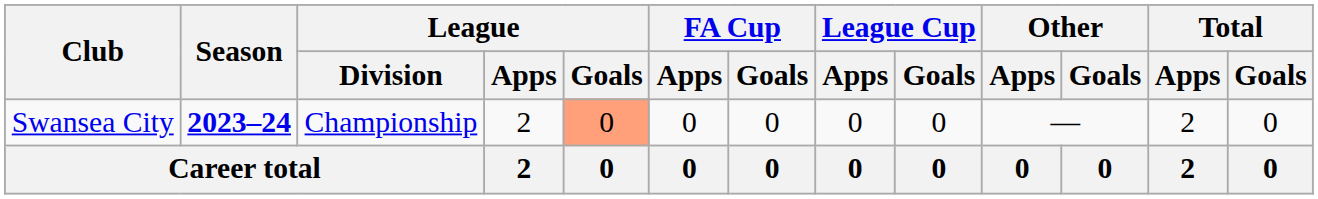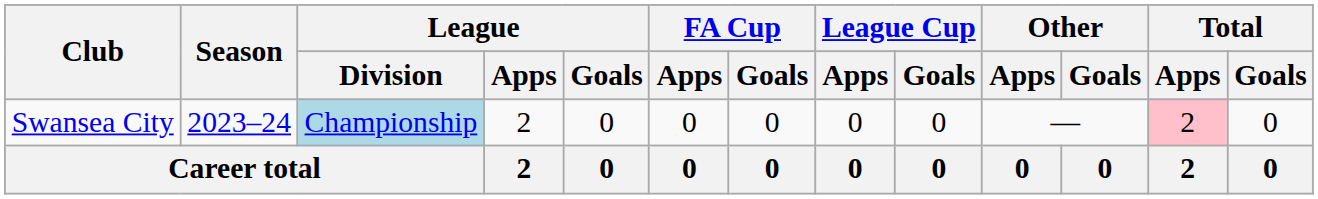 <table class="wikitable" style="text-align: center">
 <tr>
 <th rowspan="2">Club</th>
 <th rowspan="2">Season</th>
 <th colspan="3">League</th>
 <th colspan="2"><a href='#'>FA Cup</a></th>
 <th colspan="2"><a href='#'>League Cup</a></th>
 <th colspan="2">Other</th>
 <th colspan="2">Total</th>
 </tr>
 <tr>
 <th>Division</th>
 <th>Apps</th>
 <th>Goals</th>
 <th>Apps</th>
 <th>Goals</th>
 <th>Apps</th>
 <th>Goals</th>
 <th>Apps</th>
 <th>Goals</th>
 <th>Apps</th>
 <th>Goals</th>
 </tr>
 <tr>
 <td><a href='#'>Swansea City</a></td>
-<td><strong><a href='#'>2023–24</a></strong></td>
-<td><a href='#'>Championship</a></td>
+<td><a href='#'>2023–24</a></td>
+<td style="background: lightblue;"><a href='#'>Championship</a></td>
 <td>2</td>
-<td style="background: lightsalmon;">0</td>
+<td>0</td>
 <td>0</td>
 <td>0</td>
 <td>0</td>
 <td>0</td>
 <td colspan="2">—</td>
-<td>2</td>
+<td style="background: pink;">2</td>
 <td>0</td>
 </tr>
 <tr>
 <th colspan="3">Career total</th>
 <th>2</th>
 <th>0</th>
 <th>0</th>
 <th>0</th>
 <th>0</th>
 <th>0</th>
 <th>0</th>
 <th>0</th>
 <th>2</th>
 <th>0</th>
 </tr>
 </table>
